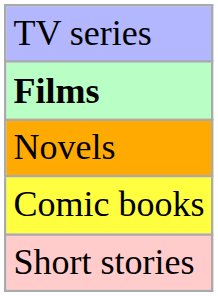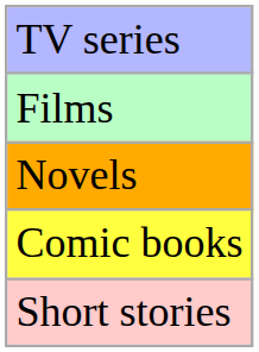 <table class="wikitable">
 <tr>
 <td style="background-color: #B3B7FF">TV series</td>
 </tr>
 <tr>
-<td style="background-color: #B9FFC5"><strong>Films</strong></td>
+<td style="background-color: #B9FFC5">Films</td>
 </tr>
 <tr>
 <td style="background-color: #FFAA00">Novels</td>
 </tr>
 <tr>
 <td style="background-color: #FFFF40">Comic books</td>
 </tr>
 <tr>
 <td style="background-color: #FFCBCB">Short stories</td>
 </tr>
 </table>
